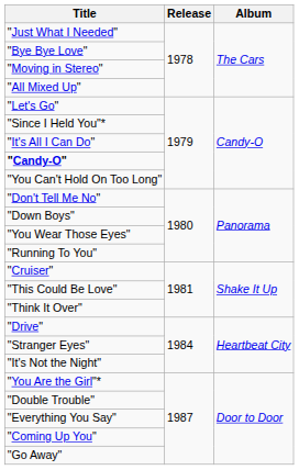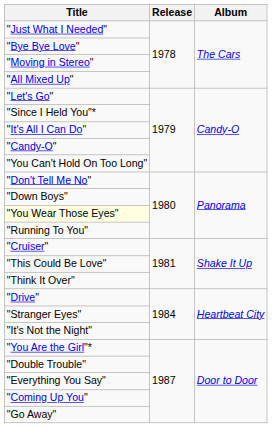 <table class="wikitable">
 <tr>
 <th>Title</th>
 <th>Release</th>
 <th>Album</th>
 </tr>
 <tr>
 <td>"<a href='#'>Just What I Needed</a>"</td>
 <td rowspan="4">1978</td>
 <td rowspan="4"><em><a href='#'>The Cars</a></em></td>
 </tr>
 <tr>
 <td>"<a href='#'>Bye Bye Love</a>"</td>
 </tr>
 <tr>
 <td>"<a href='#'>Moving in Stereo</a>"</td>
 </tr>
 <tr>
 <td>"<a href='#'>All Mixed Up</a>"</td>
 </tr>
 <tr>
 <td>"<a href='#'>Let's Go</a>"</td>
 <td rowspan="5">1979</td>
 <td rowspan="5"><em><a href='#'>Candy-O</a></em></td>
 </tr>
 <tr>
 <td>"Since I Held You"*</td>
 </tr>
 <tr>
 <td>"<a href='#'>It's All I Can Do</a>"</td>
 </tr>
 <tr>
-<td><strong>"<a href='#'>Candy-O</a>"</strong></td>
+<td>"<a href='#'>Candy-O</a>"</td>
 </tr>
 <tr>
 <td>"You Can't Hold On Too Long"</td>
 </tr>
 <tr>
 <td>"<a href='#'>Don't Tell Me No</a>"</td>
 <td rowspan="4">1980</td>
 <td rowspan="4"><em><a href='#'>Panorama</a></em></td>
 </tr>
 <tr>
 <td>"Down Boys"</td>
 </tr>
 <tr>
-<td>"You Wear Those Eyes"</td>
+<td style="background: lightyellow;">"You Wear Those Eyes"</td>
 </tr>
 <tr>
 <td>"Running To You"</td>
 </tr>
 <tr>
 <td>"<a href='#'>Cruiser</a>"</td>
 <td rowspan="3">1981</td>
 <td rowspan="3"><em><a href='#'>Shake It Up</a></em></td>
 </tr>
 <tr>
 <td>"This Could Be Love"</td>
 </tr>
 <tr>
 <td>"Think It Over"</td>
 </tr>
 <tr>
 <td>"<a href='#'>Drive</a>"</td>
 <td rowspan="3">1984</td>
 <td rowspan="3"><em><a href='#'>Heartbeat City</a></em></td>
 </tr>
 <tr>
 <td>"Stranger Eyes"</td>
 </tr>
 <tr>
 <td>"It's Not the Night"</td>
 </tr>
 <tr>
 <td>"<a href='#'>You Are the Girl</a>"*</td>
 <td rowspan="5">1987</td>
 <td rowspan="5"><em><a href='#'>Door to Door</a></em></td>
 </tr>
 <tr>
 <td>"Double Trouble"</td>
 </tr>
 <tr>
 <td>"Everything You Say"</td>
 </tr>
 <tr>
 <td>"<a href='#'>Coming Up You</a>"</td>
 </tr>
 <tr>
 <td>"Go Away"</td>
 </tr>
 </table>
